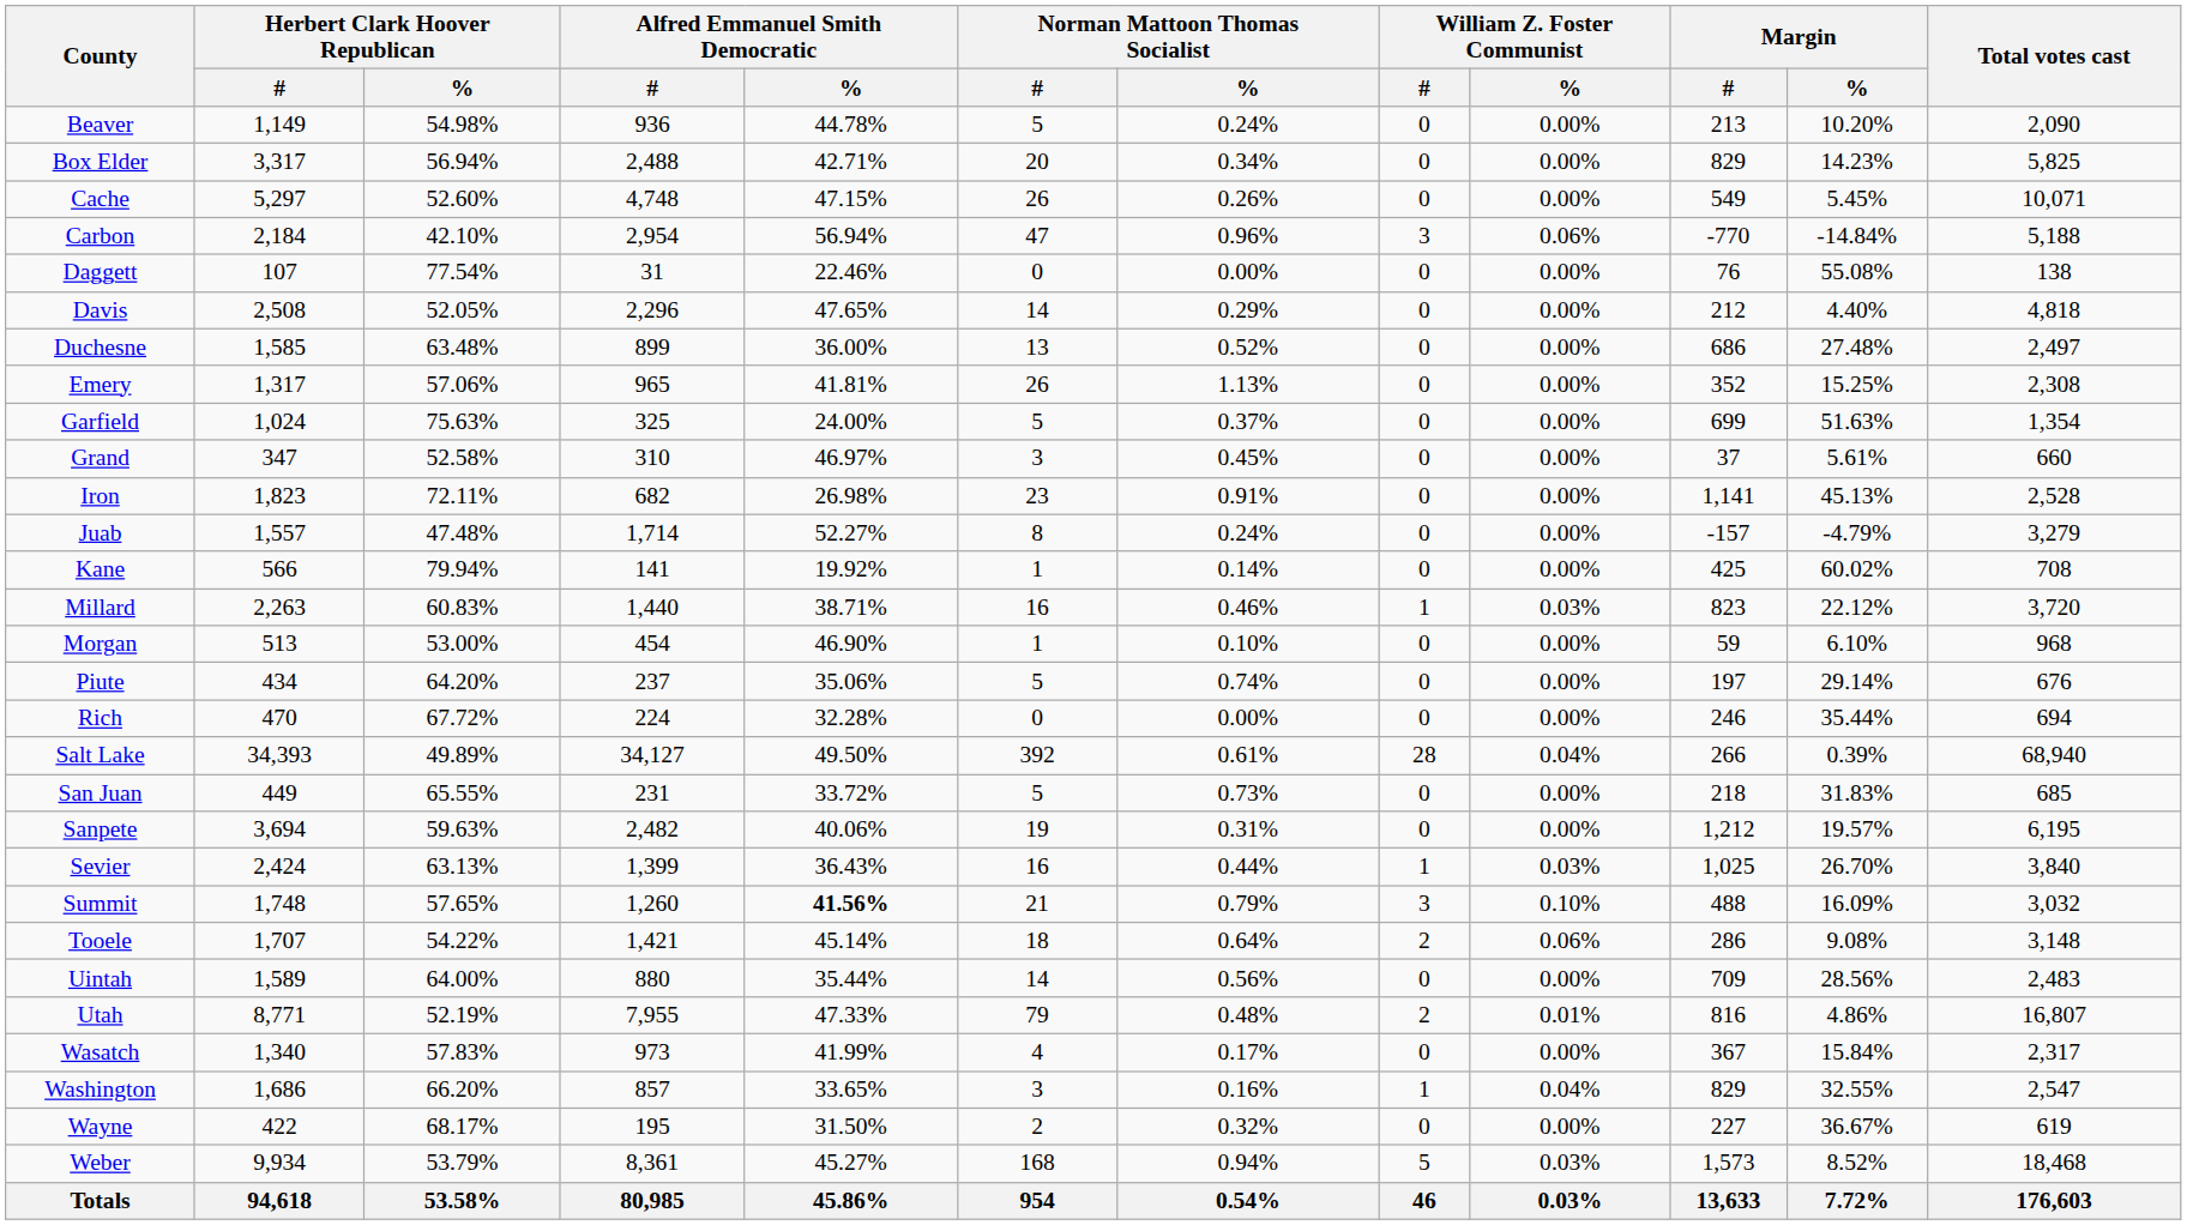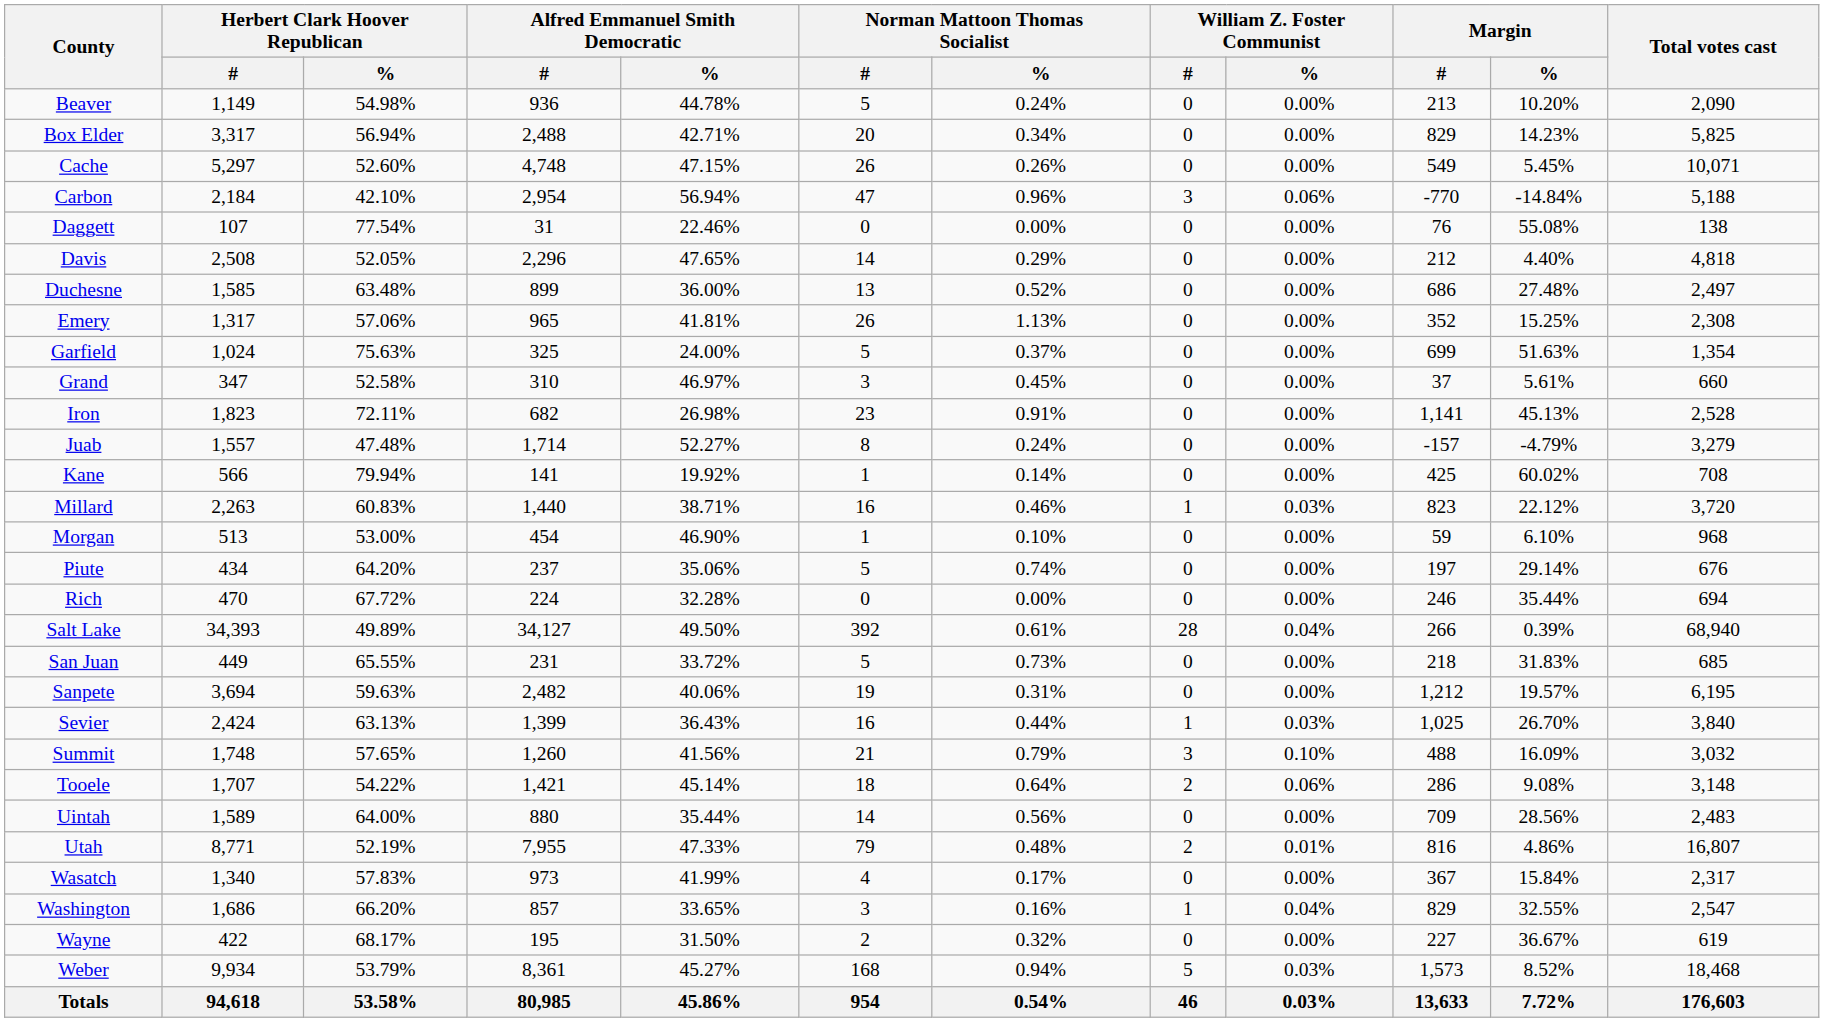 <table width="75%" class="wikitable sortable">
 <tr>
 <th rowspan="2">County</th>
 <th colspan="2">Herbert Clark Hoover<br>Republican</th>
 <th colspan="2">Alfred Emmanuel Smith<br>Democratic</th>
 <th colspan="2">Norman Mattoon Thomas<br>Socialist</th>
 <th colspan="2">William Z. Foster<br>Communist</th>
 <th colspan="2">Margin</th>
 <th rowspan="2">Total votes cast</th>
 </tr>
 <tr bgcolor="lightgrey">
 <th style="text-align:center;" data-sort-type="number">#</th>
 <th style="text-align:center;" data-sort-type="number">%</th>
 <th style="text-align:center;" data-sort-type="number">#</th>
 <th style="text-align:center;" data-sort-type="number">%</th>
 <th style="text-align:center;" data-sort-type="number">#</th>
 <th style="text-align:center;" data-sort-type="number">%</th>
 <th style="text-align:center;" data-sort-type="number">#</th>
 <th style="text-align:center;" data-sort-type="number">%</th>
 <th style="text-align:center;" data-sort-type="number">#</th>
 <th style="text-align:center;" data-sort-type="number">%</th>
 </tr>
 <tr style="text-align:center;">
 <td><a href='#'>Beaver</a></td>
 <td>1,149</td>
 <td>54.98%</td>
 <td>936</td>
 <td>44.78%</td>
 <td>5</td>
 <td>0.24%</td>
 <td>0</td>
 <td>0.00%</td>
 <td>213</td>
 <td>10.20%</td>
 <td>2,090</td>
 </tr>
 <tr style="text-align:center;">
 <td><a href='#'>Box Elder</a></td>
 <td>3,317</td>
 <td>56.94%</td>
 <td>2,488</td>
 <td>42.71%</td>
 <td>20</td>
 <td>0.34%</td>
 <td>0</td>
 <td>0.00%</td>
 <td>829</td>
 <td>14.23%</td>
 <td>5,825</td>
 </tr>
 <tr style="text-align:center;">
 <td><a href='#'>Cache</a></td>
 <td>5,297</td>
 <td>52.60%</td>
 <td>4,748</td>
 <td>47.15%</td>
 <td>26</td>
 <td>0.26%</td>
 <td>0</td>
 <td>0.00%</td>
 <td>549</td>
 <td>5.45%</td>
 <td>10,071</td>
 </tr>
 <tr style="text-align:center;">
 <td><a href='#'>Carbon</a></td>
 <td>2,184</td>
 <td>42.10%</td>
 <td>2,954</td>
 <td>56.94%</td>
 <td>47</td>
 <td>0.96%</td>
 <td>3</td>
 <td>0.06%</td>
 <td>-770</td>
 <td>-14.84%</td>
 <td>5,188</td>
 </tr>
 <tr style="text-align:center;">
 <td><a href='#'>Daggett</a></td>
 <td>107</td>
 <td>77.54%</td>
 <td>31</td>
 <td>22.46%</td>
 <td>0</td>
 <td>0.00%</td>
 <td>0</td>
 <td>0.00%</td>
 <td>76</td>
 <td>55.08%</td>
 <td>138</td>
 </tr>
 <tr style="text-align:center;">
 <td><a href='#'>Davis</a></td>
 <td>2,508</td>
 <td>52.05%</td>
 <td>2,296</td>
 <td>47.65%</td>
 <td>14</td>
 <td>0.29%</td>
 <td>0</td>
 <td>0.00%</td>
 <td>212</td>
 <td>4.40%</td>
 <td>4,818</td>
 </tr>
 <tr style="text-align:center;">
 <td><a href='#'>Duchesne</a></td>
 <td>1,585</td>
 <td>63.48%</td>
 <td>899</td>
 <td>36.00%</td>
 <td>13</td>
 <td>0.52%</td>
 <td>0</td>
 <td>0.00%</td>
 <td>686</td>
 <td>27.48%</td>
 <td>2,497</td>
 </tr>
 <tr style="text-align:center;">
 <td><a href='#'>Emery</a></td>
 <td>1,317</td>
 <td>57.06%</td>
 <td>965</td>
 <td>41.81%</td>
 <td>26</td>
 <td>1.13%</td>
 <td>0</td>
 <td>0.00%</td>
 <td>352</td>
 <td>15.25%</td>
 <td>2,308</td>
 </tr>
 <tr style="text-align:center;">
 <td><a href='#'>Garfield</a></td>
 <td>1,024</td>
 <td>75.63%</td>
 <td>325</td>
 <td>24.00%</td>
 <td>5</td>
 <td>0.37%</td>
 <td>0</td>
 <td>0.00%</td>
 <td>699</td>
 <td>51.63%</td>
 <td>1,354</td>
 </tr>
 <tr style="text-align:center;">
 <td><a href='#'>Grand</a></td>
 <td>347</td>
 <td>52.58%</td>
 <td>310</td>
 <td>46.97%</td>
 <td>3</td>
 <td>0.45%</td>
 <td>0</td>
 <td>0.00%</td>
 <td>37</td>
 <td>5.61%</td>
 <td>660</td>
 </tr>
 <tr style="text-align:center;">
 <td><a href='#'>Iron</a></td>
 <td>1,823</td>
 <td>72.11%</td>
 <td>682</td>
 <td>26.98%</td>
 <td>23</td>
 <td>0.91%</td>
 <td>0</td>
 <td>0.00%</td>
 <td>1,141</td>
 <td>45.13%</td>
 <td>2,528</td>
 </tr>
 <tr style="text-align:center;">
 <td><a href='#'>Juab</a></td>
 <td>1,557</td>
 <td>47.48%</td>
 <td>1,714</td>
 <td>52.27%</td>
 <td>8</td>
 <td>0.24%</td>
 <td>0</td>
 <td>0.00%</td>
 <td>-157</td>
 <td>-4.79%</td>
 <td>3,279</td>
 </tr>
 <tr style="text-align:center;">
 <td><a href='#'>Kane</a></td>
 <td>566</td>
 <td>79.94%</td>
 <td>141</td>
 <td>19.92%</td>
 <td>1</td>
 <td>0.14%</td>
 <td>0</td>
 <td>0.00%</td>
 <td>425</td>
 <td>60.02%</td>
 <td>708</td>
 </tr>
 <tr style="text-align:center;">
 <td><a href='#'>Millard</a></td>
 <td>2,263</td>
 <td>60.83%</td>
 <td>1,440</td>
 <td>38.71%</td>
 <td>16</td>
 <td>0.46%</td>
 <td>1</td>
 <td>0.03%</td>
 <td>823</td>
 <td>22.12%</td>
 <td>3,720</td>
 </tr>
 <tr style="text-align:center;">
 <td><a href='#'>Morgan</a></td>
 <td>513</td>
 <td>53.00%</td>
 <td>454</td>
 <td>46.90%</td>
 <td>1</td>
 <td>0.10%</td>
 <td>0</td>
 <td>0.00%</td>
 <td>59</td>
 <td>6.10%</td>
 <td>968</td>
 </tr>
 <tr style="text-align:center;">
 <td><a href='#'>Piute</a></td>
 <td>434</td>
 <td>64.20%</td>
 <td>237</td>
 <td>35.06%</td>
 <td>5</td>
 <td>0.74%</td>
 <td>0</td>
 <td>0.00%</td>
 <td>197</td>
 <td>29.14%</td>
 <td>676</td>
 </tr>
 <tr style="text-align:center;">
 <td><a href='#'>Rich</a></td>
 <td>470</td>
 <td>67.72%</td>
 <td>224</td>
 <td>32.28%</td>
 <td>0</td>
 <td>0.00%</td>
 <td>0</td>
 <td>0.00%</td>
 <td>246</td>
 <td>35.44%</td>
 <td>694</td>
 </tr>
 <tr style="text-align:center;">
 <td><a href='#'>Salt Lake</a></td>
 <td>34,393</td>
 <td>49.89%</td>
 <td>34,127</td>
 <td>49.50%</td>
 <td>392</td>
 <td>0.61%</td>
 <td>28</td>
 <td>0.04%</td>
 <td>266</td>
 <td>0.39%</td>
 <td>68,940</td>
 </tr>
 <tr style="text-align:center;">
 <td><a href='#'>San Juan</a></td>
 <td>449</td>
 <td>65.55%</td>
 <td>231</td>
 <td>33.72%</td>
 <td>5</td>
 <td>0.73%</td>
 <td>0</td>
 <td>0.00%</td>
 <td>218</td>
 <td>31.83%</td>
 <td>685</td>
 </tr>
 <tr style="text-align:center;">
 <td><a href='#'>Sanpete</a></td>
 <td>3,694</td>
 <td>59.63%</td>
 <td>2,482</td>
 <td>40.06%</td>
 <td>19</td>
 <td>0.31%</td>
 <td>0</td>
 <td>0.00%</td>
 <td>1,212</td>
 <td>19.57%</td>
 <td>6,195</td>
 </tr>
 <tr style="text-align:center;">
 <td><a href='#'>Sevier</a></td>
 <td>2,424</td>
 <td>63.13%</td>
 <td>1,399</td>
 <td>36.43%</td>
 <td>16</td>
 <td>0.44%</td>
 <td>1</td>
 <td>0.03%</td>
 <td>1,025</td>
 <td>26.70%</td>
 <td>3,840</td>
 </tr>
 <tr style="text-align:center;">
 <td><a href='#'>Summit</a></td>
 <td>1,748</td>
 <td>57.65%</td>
 <td>1,260</td>
-<td><strong>41.56%</strong></td>
+<td>41.56%</td>
 <td>21</td>
 <td>0.79%</td>
 <td>3</td>
 <td>0.10%</td>
 <td>488</td>
 <td>16.09%</td>
 <td>3,032</td>
 </tr>
 <tr style="text-align:center;">
 <td><a href='#'>Tooele</a></td>
 <td>1,707</td>
 <td>54.22%</td>
 <td>1,421</td>
 <td>45.14%</td>
 <td>18</td>
 <td>0.64%</td>
 <td>2</td>
 <td>0.06%</td>
 <td>286</td>
 <td>9.08%</td>
 <td>3,148</td>
 </tr>
 <tr style="text-align:center;">
 <td><a href='#'>Uintah</a></td>
 <td>1,589</td>
 <td>64.00%</td>
 <td>880</td>
 <td>35.44%</td>
 <td>14</td>
 <td>0.56%</td>
 <td>0</td>
 <td>0.00%</td>
 <td>709</td>
 <td>28.56%</td>
 <td>2,483</td>
 </tr>
 <tr style="text-align:center;">
 <td><a href='#'>Utah</a></td>
 <td>8,771</td>
 <td>52.19%</td>
 <td>7,955</td>
 <td>47.33%</td>
 <td>79</td>
 <td>0.48%</td>
 <td>2</td>
 <td>0.01%</td>
 <td>816</td>
 <td>4.86%</td>
 <td>16,807</td>
 </tr>
 <tr style="text-align:center;">
 <td><a href='#'>Wasatch</a></td>
 <td>1,340</td>
 <td>57.83%</td>
 <td>973</td>
 <td>41.99%</td>
 <td>4</td>
 <td>0.17%</td>
 <td>0</td>
 <td>0.00%</td>
 <td>367</td>
 <td>15.84%</td>
 <td>2,317</td>
 </tr>
 <tr style="text-align:center;">
 <td><a href='#'>Washington</a></td>
 <td>1,686</td>
 <td>66.20%</td>
 <td>857</td>
 <td>33.65%</td>
 <td>3</td>
 <td>0.16%</td>
 <td>1</td>
 <td>0.04%</td>
 <td>829</td>
 <td>32.55%</td>
 <td>2,547</td>
 </tr>
 <tr style="text-align:center;">
 <td><a href='#'>Wayne</a></td>
 <td>422</td>
 <td>68.17%</td>
 <td>195</td>
 <td>31.50%</td>
 <td>2</td>
 <td>0.32%</td>
 <td>0</td>
 <td>0.00%</td>
 <td>227</td>
 <td>36.67%</td>
 <td>619</td>
 </tr>
 <tr style="text-align:center;">
 <td><a href='#'>Weber</a></td>
 <td>9,934</td>
 <td>53.79%</td>
 <td>8,361</td>
 <td>45.27%</td>
 <td>168</td>
 <td>0.94%</td>
 <td>5</td>
 <td>0.03%</td>
 <td>1,573</td>
 <td>8.52%</td>
 <td>18,468</td>
 </tr>
 <tr>
 <th>Totals</th>
 <th>94,618</th>
 <th>53.58%</th>
 <th>80,985</th>
 <th>45.86%</th>
 <th>954</th>
 <th>0.54%</th>
 <th>46</th>
 <th>0.03%</th>
 <th>13,633</th>
 <th>7.72%</th>
 <th>176,603</th>
 </tr>
 </table>
